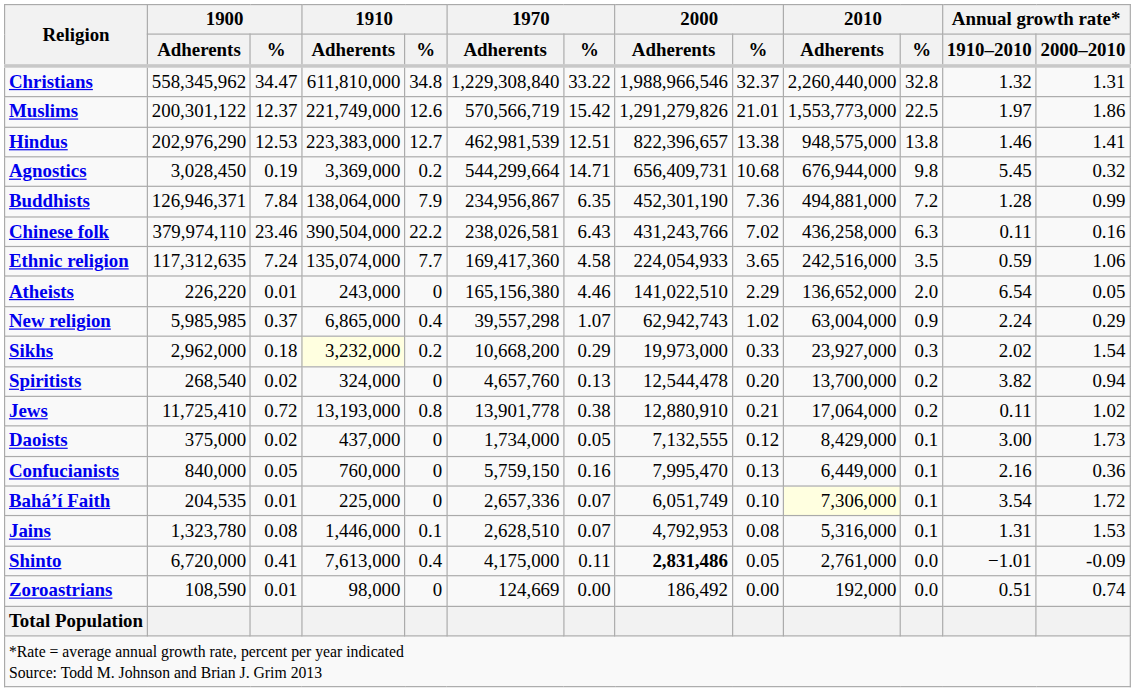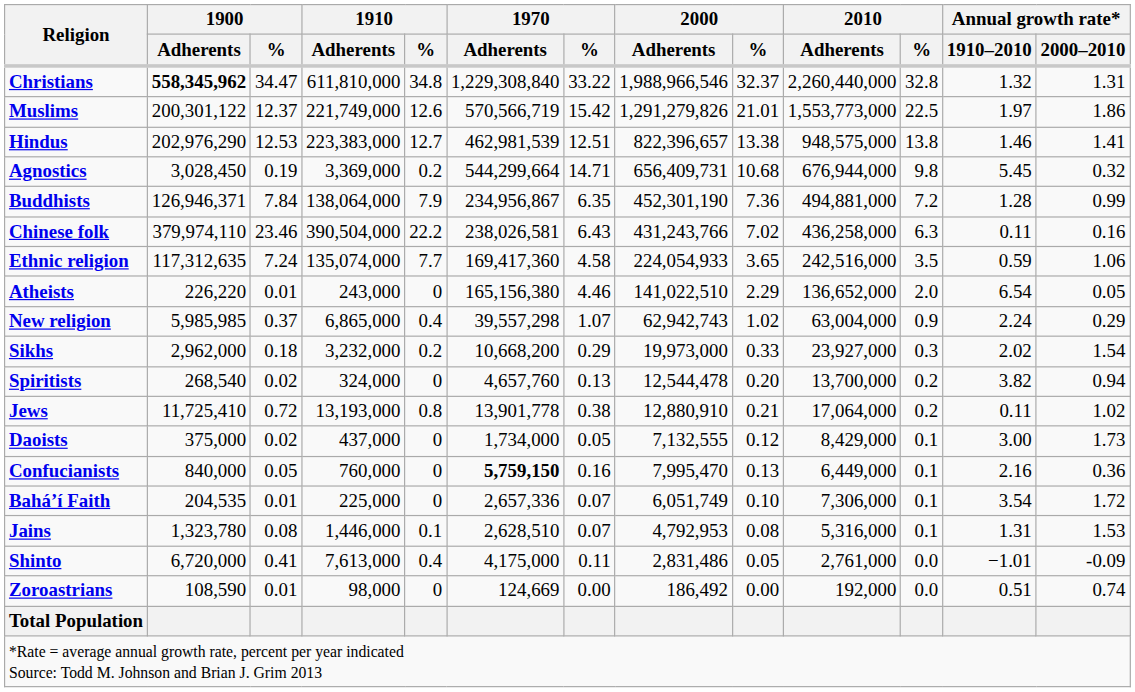 <table class="wikitable sortable" style="width:auto; text-align:right;">
 <tr>
 <th style="text-align:center;" rowspan="2">Religion</th>
 <th style="text-align:center;" colspan="2">1900</th>
 <th style="text-align:center;" colspan="2">1910</th>
 <th style="text-align:center;" colspan="2">1970</th>
 <th style="text-align:center;" colspan="2">2000</th>
 <th style="text-align:center;" colspan="2">2010</th>
 <th style="text-align:center;" colspan="2">Annual growth rate*</th>
 </tr>
 <tr style="border-bottom:3px solid #C8C8C8">
 <th>Adherents</th>
 <th>%</th>
 <th>Adherents</th>
 <th>%</th>
 <th>Adherents</th>
 <th>%</th>
 <th>Adherents</th>
 <th>%</th>
 <th>Adherents</th>
 <th>%</th>
 <th>1910–2010</th>
 <th>2000–2010</th>
 </tr>
 <tr>
 <td style="text-align:left"><strong><a href='#'>Christians</a></strong></td>
-<td>558,345,962</td>
+<td><strong>558,345,962</strong></td>
 <td>34.47</td>
 <td>611,810,000</td>
 <td>34.8</td>
 <td>1,229,308,840</td>
 <td>33.22</td>
 <td>1,988,966,546</td>
 <td>32.37</td>
 <td>2,260,440,000</td>
 <td>32.8</td>
 <td>1.32</td>
 <td>1.31</td>
 </tr>
 <tr>
 <td style="text-align:left"><strong><a href='#'>Muslims</a></strong></td>
 <td>200,301,122</td>
 <td>12.37</td>
 <td>221,749,000</td>
 <td>12.6</td>
 <td>570,566,719</td>
 <td>15.42</td>
 <td>1,291,279,826</td>
 <td>21.01</td>
 <td>1,553,773,000</td>
 <td>22.5</td>
 <td>1.97</td>
 <td>1.86</td>
 </tr>
 <tr>
 <td style="text-align:left"><strong><a href='#'>Hindus</a></strong></td>
 <td>202,976,290</td>
 <td>12.53</td>
 <td>223,383,000</td>
 <td>12.7</td>
 <td>462,981,539</td>
 <td>12.51</td>
 <td>822,396,657</td>
 <td>13.38</td>
 <td>948,575,000</td>
 <td>13.8</td>
 <td>1.46</td>
 <td>1.41</td>
 </tr>
 <tr>
 <td style="text-align:left"><strong><a href='#'>Agnostics</a></strong></td>
 <td>3,028,450</td>
 <td>0.19</td>
 <td>3,369,000</td>
 <td>0.2</td>
 <td>544,299,664</td>
 <td>14.71</td>
 <td>656,409,731</td>
 <td>10.68</td>
 <td>676,944,000</td>
 <td>9.8</td>
 <td>5.45</td>
 <td>0.32</td>
 </tr>
 <tr>
 <td style="text-align:left"><strong><a href='#'>Buddhists</a></strong></td>
 <td>126,946,371</td>
 <td>7.84</td>
 <td>138,064,000</td>
 <td>7.9</td>
 <td>234,956,867</td>
 <td>6.35</td>
 <td>452,301,190</td>
 <td>7.36</td>
 <td>494,881,000</td>
 <td>7.2</td>
 <td>1.28</td>
 <td>0.99</td>
 </tr>
 <tr>
 <td style="text-align:left"><strong><a href='#'>Chinese folk</a></strong></td>
 <td>379,974,110</td>
 <td>23.46</td>
 <td>390,504,000</td>
 <td>22.2</td>
 <td>238,026,581</td>
 <td>6.43</td>
 <td>431,243,766</td>
 <td>7.02</td>
 <td>436,258,000</td>
 <td>6.3</td>
 <td>0.11</td>
 <td>0.16</td>
 </tr>
 <tr>
 <td style="text-align:left"><strong><a href='#'>Ethnic religion</a></strong></td>
 <td>117,312,635</td>
 <td>7.24</td>
 <td>135,074,000</td>
 <td>7.7</td>
 <td>169,417,360</td>
 <td>4.58</td>
 <td>224,054,933</td>
 <td>3.65</td>
 <td>242,516,000</td>
 <td>3.5</td>
 <td>0.59</td>
 <td>1.06</td>
 </tr>
 <tr>
 <td style="text-align:left"><strong><a href='#'>Atheists</a></strong></td>
 <td>226,220</td>
 <td>0.01</td>
 <td>243,000</td>
 <td>0</td>
 <td>165,156,380</td>
 <td>4.46</td>
 <td>141,022,510</td>
 <td>2.29</td>
 <td>136,652,000</td>
 <td>2.0</td>
 <td>6.54</td>
 <td>0.05</td>
 </tr>
 <tr>
 <td style="text-align:left"><strong><a href='#'>New religion</a></strong></td>
 <td>5,985,985</td>
 <td>0.37</td>
 <td>6,865,000</td>
 <td>0.4</td>
 <td>39,557,298</td>
 <td>1.07</td>
 <td>62,942,743</td>
 <td>1.02</td>
 <td>63,004,000</td>
 <td>0.9</td>
 <td>2.24</td>
 <td>0.29</td>
 </tr>
 <tr>
 <td style="text-align:left"><strong><a href='#'>Sikhs</a></strong></td>
 <td>2,962,000</td>
 <td>0.18</td>
-<td style="background: lightyellow;">3,232,000</td>
+<td>3,232,000</td>
 <td>0.2</td>
 <td>10,668,200</td>
 <td>0.29</td>
 <td>19,973,000</td>
 <td>0.33</td>
 <td>23,927,000</td>
 <td>0.3</td>
 <td>2.02</td>
 <td>1.54</td>
 </tr>
 <tr>
 <td style="text-align:left"><strong><a href='#'>Spiritists</a></strong></td>
 <td>268,540</td>
 <td>0.02</td>
 <td>324,000</td>
 <td>0</td>
 <td>4,657,760</td>
 <td>0.13</td>
 <td>12,544,478</td>
 <td>0.20</td>
 <td>13,700,000</td>
 <td>0.2</td>
 <td>3.82</td>
 <td>0.94</td>
 </tr>
 <tr>
 <td style="text-align:left"><strong><a href='#'>Jews</a></strong></td>
 <td>11,725,410</td>
 <td>0.72</td>
 <td>13,193,000</td>
 <td>0.8</td>
 <td>13,901,778</td>
 <td>0.38</td>
 <td>12,880,910</td>
 <td>0.21</td>
 <td>17,064,000</td>
 <td>0.2</td>
 <td>0.11</td>
 <td>1.02</td>
 </tr>
 <tr>
 <td style="text-align:left"><strong><a href='#'>Daoists</a></strong></td>
 <td>375,000</td>
 <td>0.02</td>
 <td>437,000</td>
 <td>0</td>
 <td>1,734,000</td>
 <td>0.05</td>
 <td>7,132,555</td>
 <td>0.12</td>
 <td>8,429,000</td>
 <td>0.1</td>
 <td>3.00</td>
 <td>1.73</td>
 </tr>
 <tr>
 <td style="text-align:left"><strong><a href='#'>Confucianists</a></strong></td>
 <td>840,000</td>
 <td>0.05</td>
 <td>760,000</td>
 <td>0</td>
-<td>5,759,150</td>
+<td><strong>5,759,150</strong></td>
 <td>0.16</td>
 <td>7,995,470</td>
 <td>0.13</td>
 <td>6,449,000</td>
 <td>0.1</td>
 <td>2.16</td>
 <td>0.36</td>
 </tr>
 <tr>
 <td style="text-align:left"><strong><a href='#'>Baháʼí Faith</a></strong></td>
 <td>204,535</td>
 <td>0.01</td>
 <td>225,000</td>
 <td>0</td>
 <td>2,657,336</td>
 <td>0.07</td>
 <td>6,051,749</td>
 <td>0.10</td>
-<td style="background: lightyellow;">7,306,000</td>
+<td>7,306,000</td>
 <td>0.1</td>
 <td>3.54</td>
 <td>1.72</td>
 </tr>
 <tr>
 <td style="text-align:left"><strong><a href='#'>Jains</a></strong></td>
 <td>1,323,780</td>
 <td>0.08</td>
 <td>1,446,000</td>
 <td>0.1</td>
 <td>2,628,510</td>
 <td>0.07</td>
 <td>4,792,953</td>
 <td>0.08</td>
 <td>5,316,000</td>
 <td>0.1</td>
 <td>1.31</td>
 <td>1.53</td>
 </tr>
 <tr>
 <td style="text-align:left"><strong><a href='#'>Shinto</a></strong></td>
 <td>6,720,000</td>
 <td>0.41</td>
 <td>7,613,000</td>
 <td>0.4</td>
 <td>4,175,000</td>
 <td>0.11</td>
-<td><strong>2,831,486</strong></td>
+<td>2,831,486</td>
 <td>0.05</td>
 <td>2,761,000</td>
 <td>0.0</td>
 <td>−1.01</td>
 <td>-0.09</td>
 </tr>
 <tr>
 <td style="text-align:left"><strong><a href='#'>Zoroastrians</a></strong></td>
 <td>108,590</td>
 <td>0.01</td>
 <td>98,000</td>
 <td>0</td>
 <td>124,669</td>
 <td>0.00</td>
 <td>186,492</td>
 <td>0.00</td>
 <td>192,000</td>
 <td>0.0</td>
 <td>0.51</td>
 <td>0.74</td>
 </tr>
 <tr class="sortbottom">
 <th>Total Population</th>
 <th></th>
 <th></th>
 <th></th>
 <th></th>
 <th></th>
 <th></th>
 <th></th>
 <th></th>
 <th></th>
 <th></th>
 <th></th>
 <th></th>
 </tr>
 <tr class="sortbottom">
 <td style="text-align:left" colspan="13"><small>*Rate = average annual growth rate, percent per year indicated<br>Source: Todd M. Johnson and Brian J. Grim 2013</small></td>
 </tr>
 </table>
